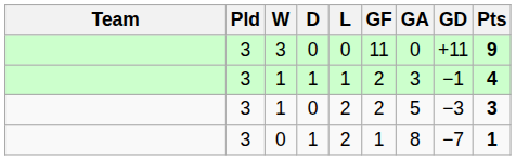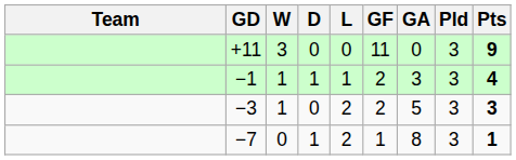 <table class="wikitable" style="text-align:center;">
 <tr>
 <th width=180>Team</th>
-<th width=20>Pld</th>
+<th width=20>GD</th>
 <th width=20>W</th>
 <th width=20>D</th>
 <th width=20>L</th>
 <th width=20>GF</th>
 <th width=20>GA</th>
-<th width=20>GD</th>
+<th width=20>Pld</th>
 <th width=20>Pts</th>
 </tr>
 <tr bgcolor=#ccffcc>
 <td align="left"></td>
-<td>3</td>
+<td>+11</td>
 <td>3</td>
 <td>0</td>
 <td>0</td>
 <td>11</td>
 <td>0</td>
-<td>+11</td>
+<td>3</td>
 <td><strong>9</strong></td>
 </tr>
 <tr bgcolor=#ccffcc>
 <td align="left"><em></em></td>
-<td>3</td>
+<td>−1</td>
 <td>1</td>
 <td>1</td>
 <td>1</td>
 <td>2</td>
 <td>3</td>
-<td>−1</td>
+<td>3</td>
 <td><strong>4</strong></td>
 </tr>
 <tr>
 <td align="left"></td>
-<td>3</td>
+<td>−3</td>
 <td>1</td>
 <td>0</td>
 <td>2</td>
 <td>2</td>
 <td>5</td>
-<td>−3</td>
+<td>3</td>
 <td><strong>3</strong></td>
 </tr>
 <tr>
 <td align="left"></td>
-<td>3</td>
+<td>−7</td>
 <td>0</td>
 <td>1</td>
 <td>2</td>
 <td>1</td>
 <td>8</td>
-<td>−7</td>
+<td>3</td>
 <td><strong>1</strong></td>
 </tr>
 </table>
